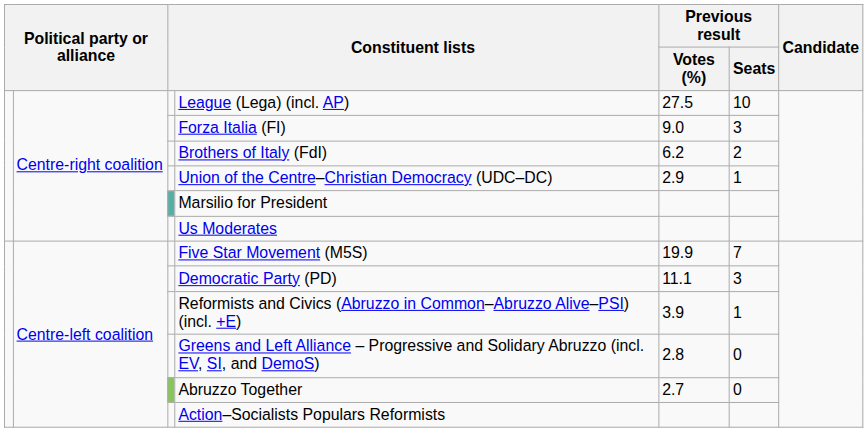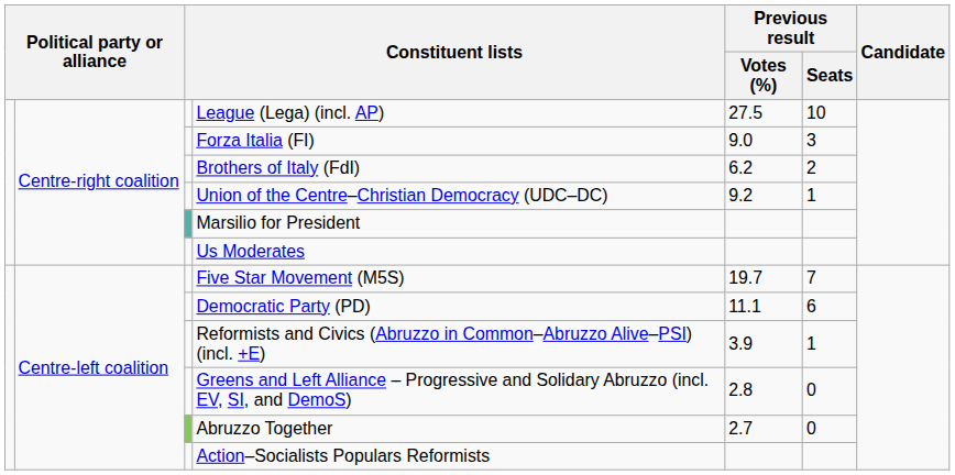 <table class="wikitable" style="text-align:left">
 <tr>
 <th colspan=2 rowspan="2">Political party or alliance</th>
 <th colspan=2 rowspan="2">Constituent lists</th>
 <th colspan="2">Previous result</th>
 <th colspan="2" rowspan="2">Candidate</th>
 </tr>
 <tr>
 <th>Votes (%)</th>
 <th>Seats</th>
 </tr>
 <tr>
 <td rowspan="6" style="background:"></td>
 <td rowspan=6><a href='#'>Centre-right coalition</a></td>
 <td></td>
 <td><a href='#'>League</a> (Lega) (incl. <a href='#'>AP</a>)</td>
 <td>27.5</td>
 <td>10</td>
 <td rowspan="6"></td>
 </tr>
 <tr>
 <td></td>
 <td style="text-align:left;"><a href='#'>Forza Italia</a> (FI)</td>
 <td>9.0</td>
 <td>3</td>
 </tr>
 <tr>
 <td></td>
 <td style="text-align:left;"><a href='#'>Brothers of Italy</a> (FdI)</td>
 <td>6.2</td>
 <td>2</td>
 </tr>
 <tr>
 <td></td>
 <td><a href='#'>Union of the Centre</a>–<a href='#'>Christian Democracy</a> (UDC–DC)</td>
-<td>2.9</td>
+<td>9.2</td>
 <td>1</td>
 </tr>
 <tr>
 <td bgcolor="#54afa6"></td>
 <td style="text-align:left;">Marsilio for President</td>
 <td></td>
 <td></td>
 </tr>
 <tr>
 <td></td>
 <td><a href='#'>Us Moderates</a></td>
 <td></td>
 <td></td>
 </tr>
 <tr>
 <td rowspan="6"></td>
 <td rowspan=6><a href='#'>Centre-left coalition</a></td>
 <td style="background-color:"></td>
 <td><a href='#'>Five Star Movement</a> (M5S)</td>
-<td>19.9</td>
+<td>19.7</td>
 <td>7</td>
 <td rowspan="6"></td>
 </tr>
 <tr>
 <td></td>
 <td style="text-align:left;"><a href='#'>Democratic Party</a> (PD)</td>
 <td>11.1</td>
-<td>3</td>
+<td>6</td>
 </tr>
 <tr>
 <td style="background-color:"></td>
 <td>Reformists and Civics (<a href='#'>Abruzzo in Common</a>–<a href='#'>Abruzzo Alive</a>–<a href='#'>PSI</a>) (incl. <a href='#'>+E</a>)</td>
 <td>3.9</td>
 <td>1</td>
 </tr>
 <tr>
 <td></td>
 <td style="text-align:left;"><a href='#'>Greens and Left Alliance</a> – Progressive and Solidary Abruzzo (incl. <a href='#'>EV</a>, <a href='#'>SI</a>, and <a href='#'>DemoS</a>)</td>
 <td>2.8</td>
 <td>0</td>
 </tr>
 <tr>
 <td style="background-color:#87C758"></td>
 <td>Abruzzo Together</td>
 <td>2.7</td>
 <td>0</td>
 </tr>
 <tr>
 <td style="background-color:"></td>
 <td><a href='#'>Action</a>–Socialists Populars Reformists</td>
 <td></td>
 <td></td>
 </tr>
 </table>
